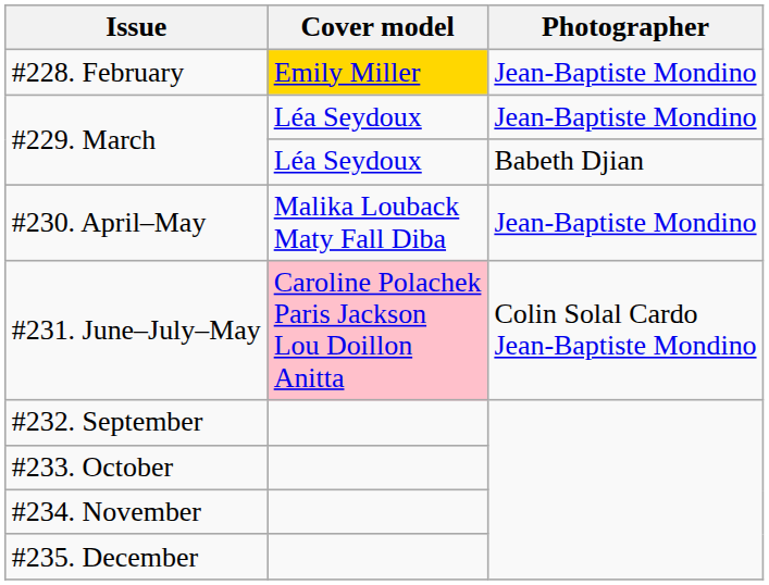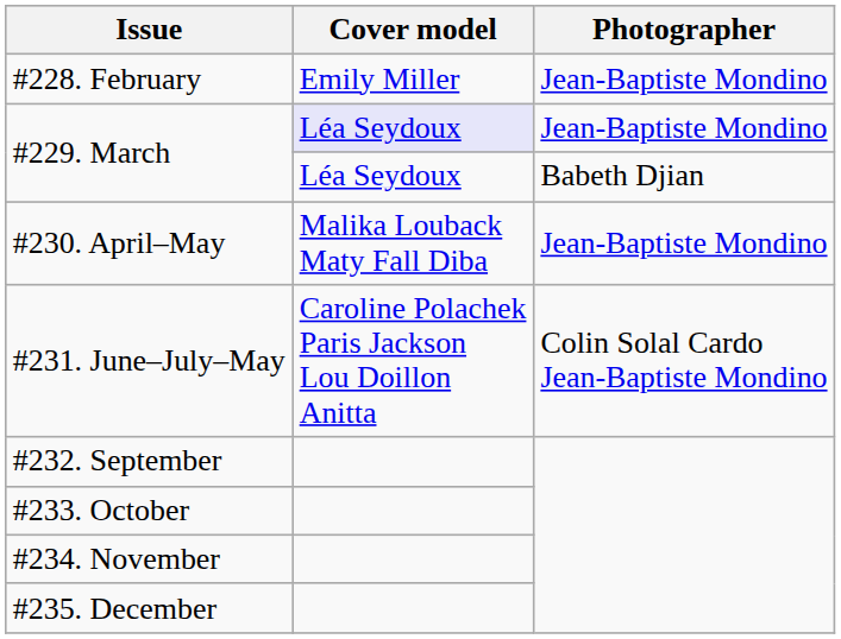 <table class="sortable wikitable">
 <tr>
 <th>Issue</th>
 <th>Cover model</th>
 <th>Photographer</th>
 </tr>
 <tr>
 <td>#228. February</td>
-<td style="background: gold;"><a href='#'>Emily Miller</a></td>
+<td><a href='#'>Emily Miller</a></td>
 <td><a href='#'>Jean-Baptiste Mondino</a></td>
 </tr>
 <tr>
 <td rowspan=2>#229. March</td>
-<td><a href='#'>Léa Seydoux</a></td>
+<td style="background: lavender;"><a href='#'>Léa Seydoux</a></td>
 <td><a href='#'>Jean-Baptiste Mondino</a></td>
 </tr>
 <tr>
 <td><a href='#'>Léa Seydoux</a></td>
 <td>Babeth Djian</td>
 </tr>
 <tr>
 <td>#230. April–May</td>
 <td><a href='#'>Malika Louback</a><br><a href='#'>Maty Fall Diba</a></td>
 <td><a href='#'>Jean-Baptiste Mondino</a></td>
 </tr>
 <tr>
 <td>#231. June–July–May</td>
-<td style="background: pink;"><a href='#'>Caroline Polachek</a><br><a href='#'>Paris Jackson</a><br> <a href='#'>Lou Doillon</a> <br><a href='#'>Anitta</a></td>
+<td><a href='#'>Caroline Polachek</a><br><a href='#'>Paris Jackson</a><br> <a href='#'>Lou Doillon</a> <br><a href='#'>Anitta</a></td>
 <td>Colin Solal Cardo <br>  <a href='#'>Jean-Baptiste Mondino</a></td>
 </tr>
 <tr>
 <td>#232. September</td>
 <td></td>
 </tr>
 <tr>
 <td>#233. October</td>
 <td></td>
 </tr>
 <tr>
 <td>#234. November</td>
 <td></td>
 </tr>
 <tr>
 <td>#235. December</td>
 <td></td>
 </tr>
 </table>
